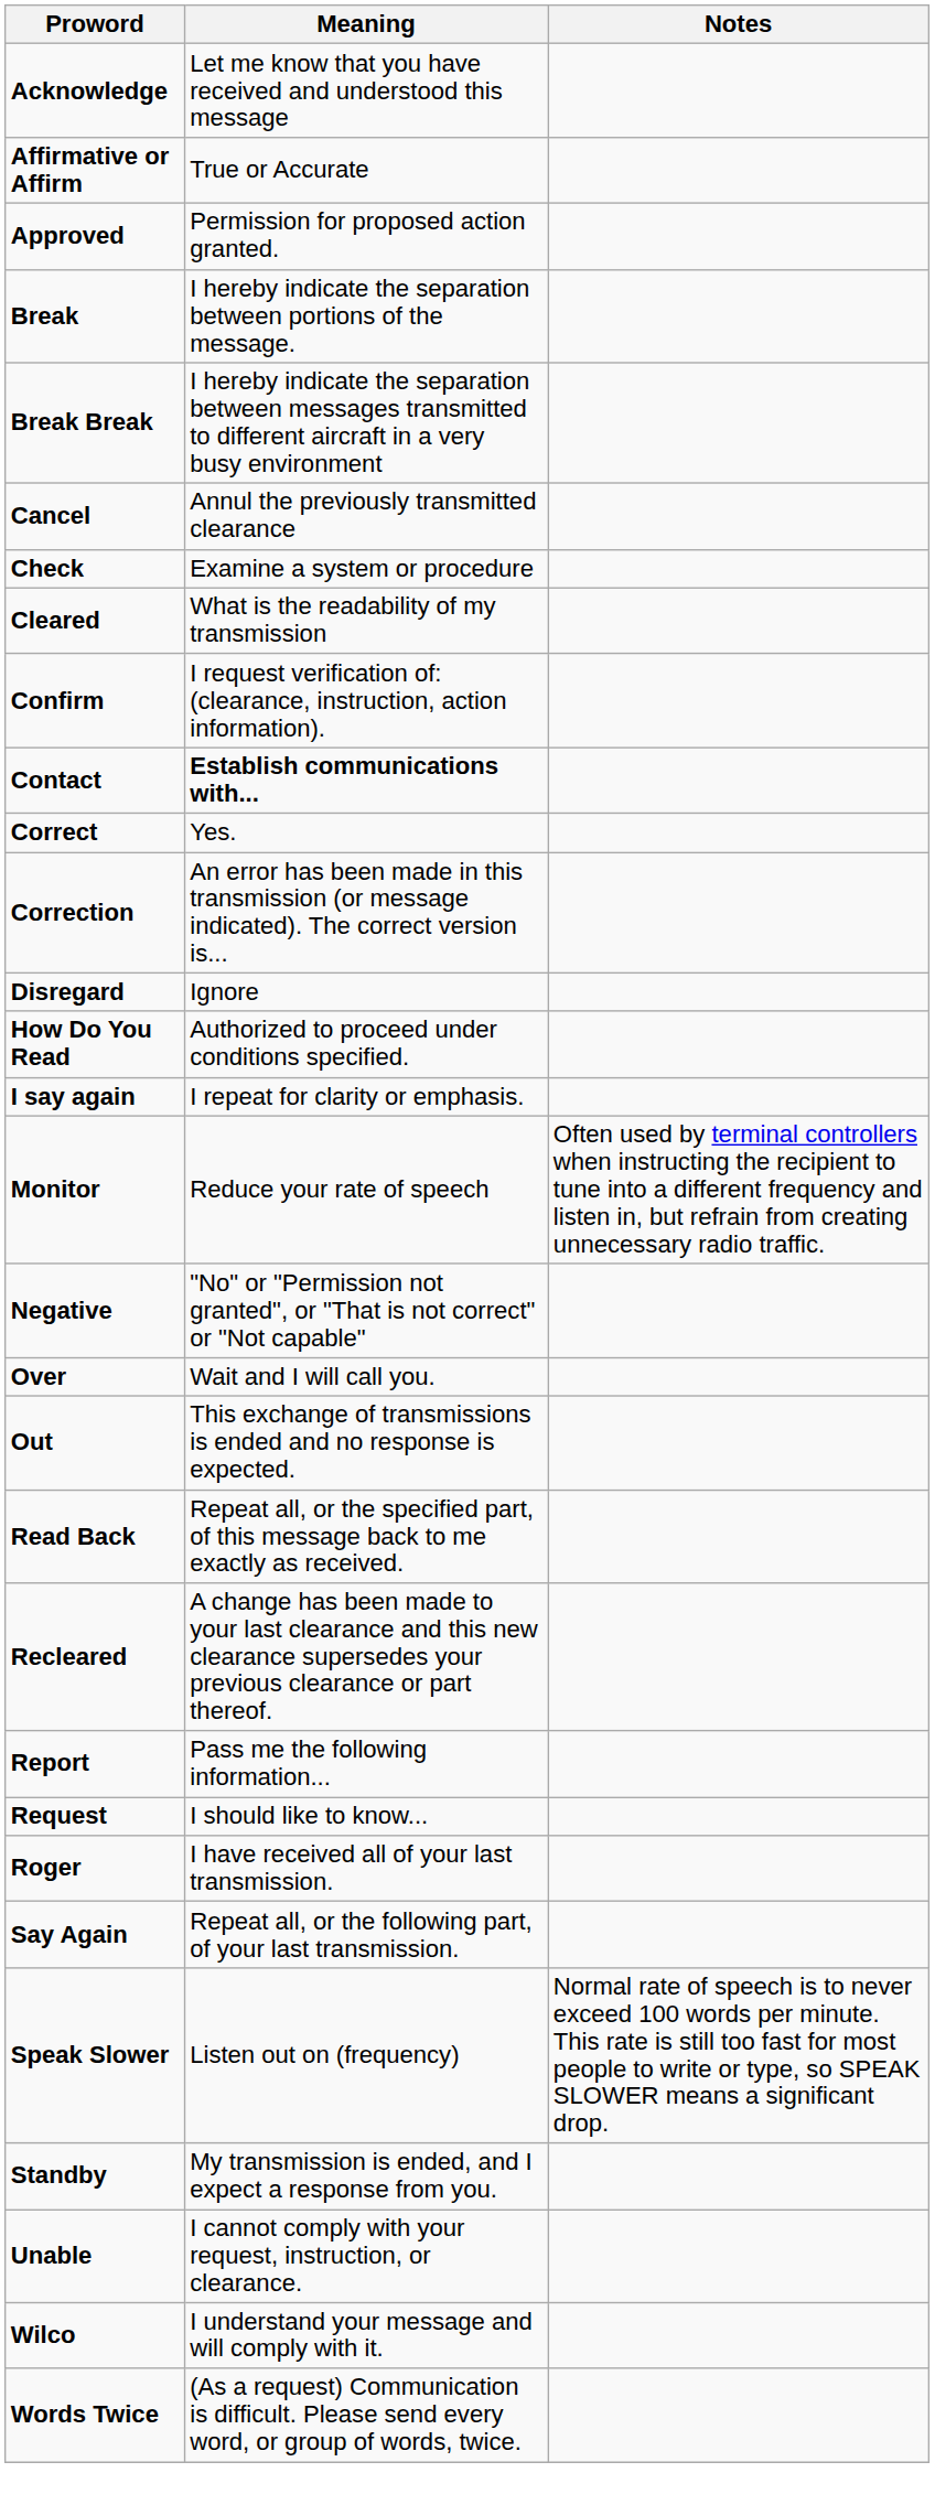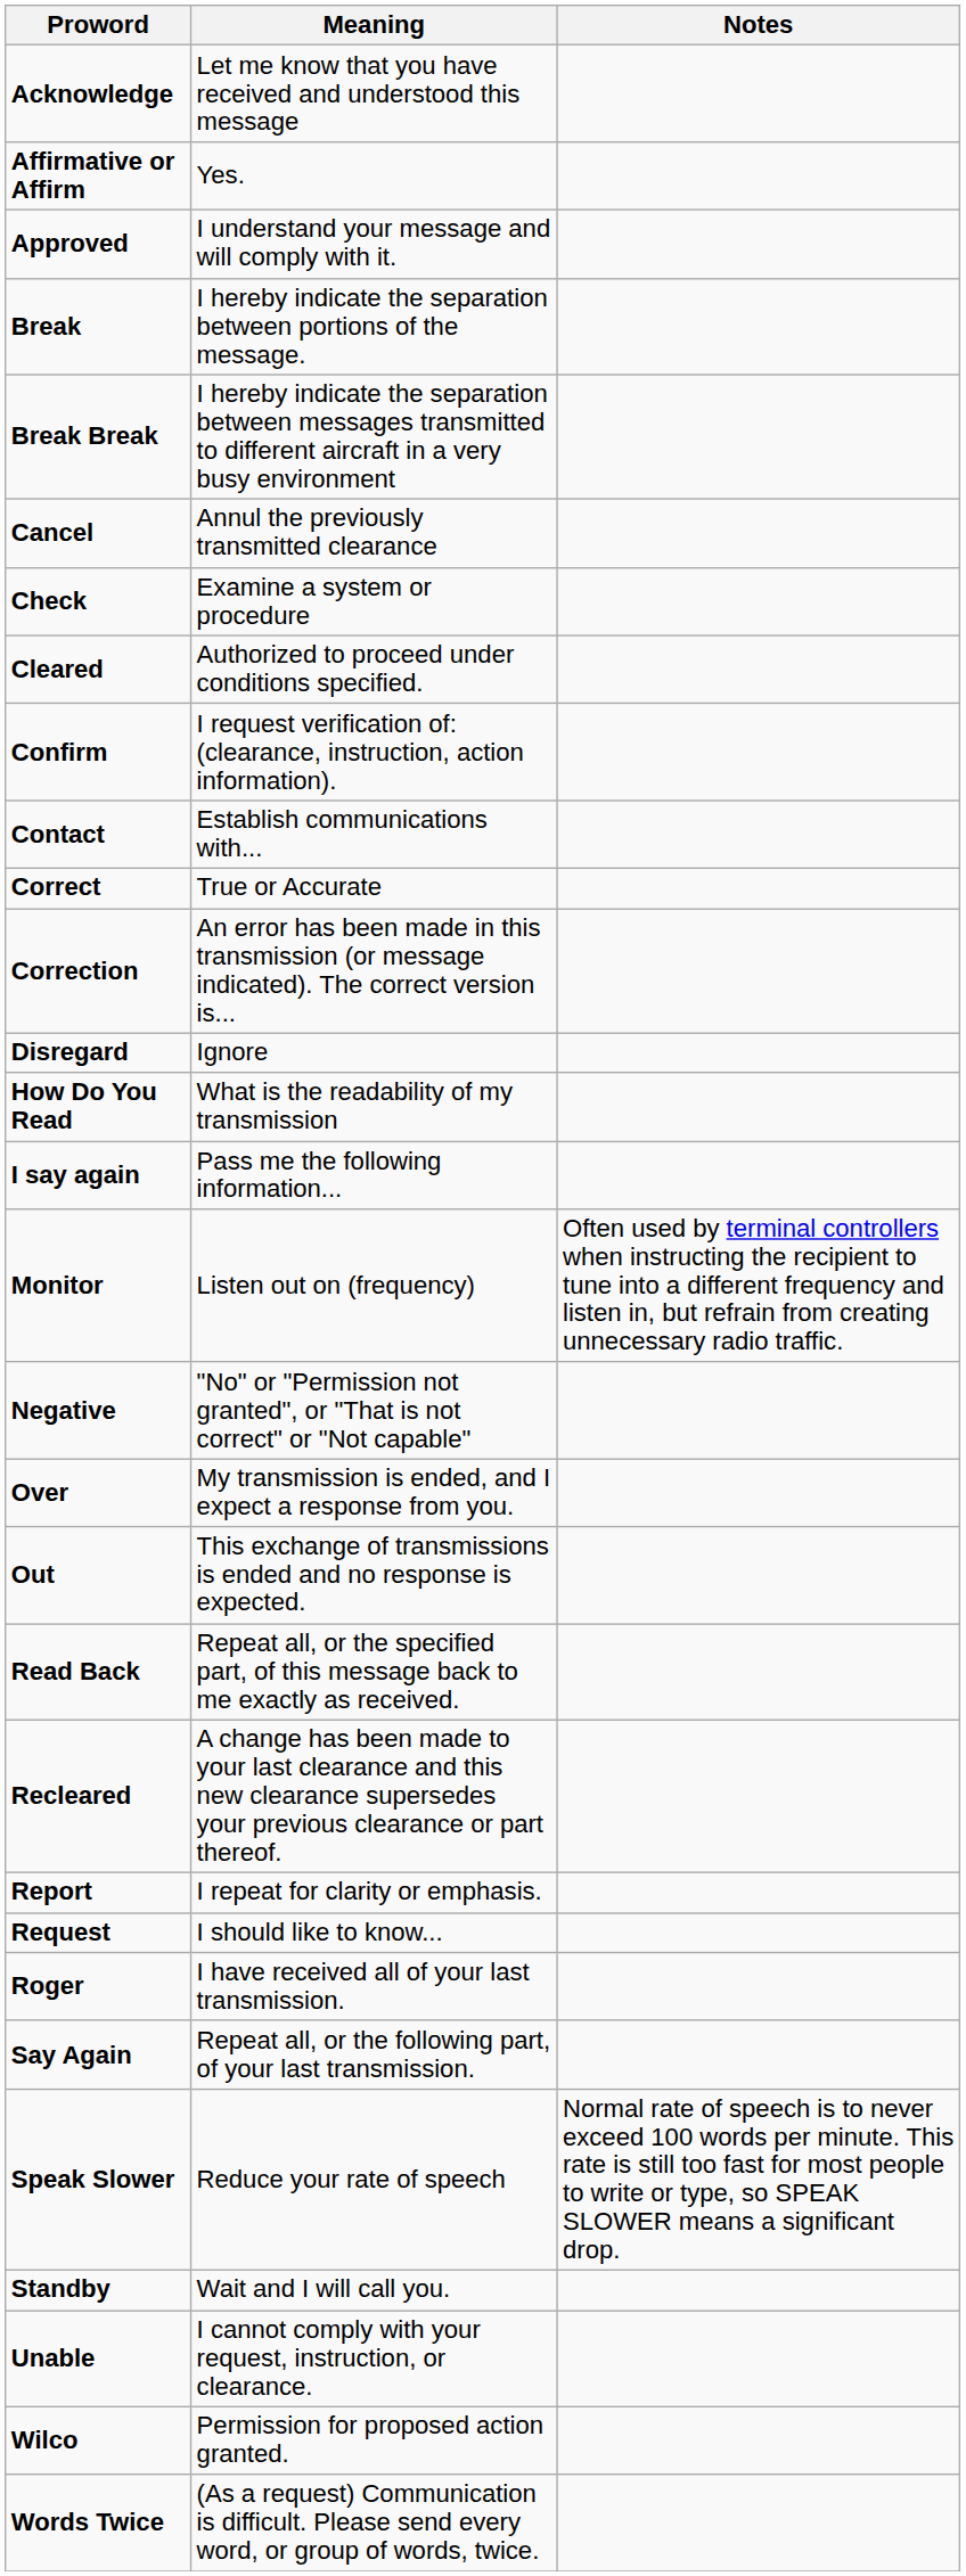 <table class="wikitable">
 <tr>
 <th>Proword</th>
 <th>Meaning</th>
 <th>Notes</th>
 </tr>
 <tr>
 <td><strong>Acknowledge</strong></td>
 <td>Let me know that you have received and understood this message</td>
 <td></td>
 </tr>
 <tr>
 <td><strong>Affirmative or Affirm</strong></td>
-<td>True or Accurate</td>
+<td>Yes.</td>
 <td></td>
 </tr>
 <tr>
 <td><strong>Approved</strong></td>
-<td>Permission for proposed action granted.</td>
+<td>I understand your message and will comply with it.</td>
 <td></td>
 </tr>
 <tr>
 <td><strong>Break</strong></td>
 <td>I hereby indicate the separation between portions of the message.</td>
 <td></td>
 </tr>
 <tr>
 <td><strong>Break Break</strong></td>
 <td>I hereby indicate the separation between messages transmitted to different aircraft in a very busy environment</td>
 <td></td>
 </tr>
 <tr>
 <td><strong>Cancel</strong></td>
 <td>Annul the previously transmitted clearance</td>
 <td></td>
 </tr>
 <tr>
 <td><strong>Check</strong></td>
 <td>Examine a system or procedure</td>
 <td></td>
 </tr>
 <tr>
 <td><strong>Cleared</strong></td>
-<td>What is the readability of my transmission</td>
+<td>Authorized to proceed under conditions specified.</td>
 <td></td>
 </tr>
 <tr>
 <td><strong>Confirm</strong></td>
 <td>I request verification of: (clearance, instruction, action information).</td>
 <td></td>
 </tr>
 <tr>
 <td><strong>Contact</strong></td>
-<td><strong>Establish communications with...</strong></td>
+<td>Establish communications with...</td>
 <td></td>
 </tr>
 <tr>
 <td><strong>Correct</strong></td>
-<td>Yes.</td>
+<td>True or Accurate</td>
 <td></td>
 </tr>
 <tr>
 <td><strong>Correction</strong></td>
 <td>An error has been made in this transmission (or message indicated). The correct version is...</td>
 <td></td>
 </tr>
 <tr>
 <td><strong>Disregard</strong></td>
 <td>Ignore</td>
 <td></td>
 </tr>
 <tr>
 <td><strong>How Do You Read</strong></td>
-<td>Authorized to proceed under conditions specified.</td>
+<td>What is the readability of my transmission</td>
 <td></td>
 </tr>
 <tr>
 <td><strong>I say again</strong></td>
-<td>I repeat for clarity or emphasis.</td>
+<td>Pass me the following information...</td>
 <td></td>
 </tr>
 <tr>
 <td><strong>Monitor</strong></td>
-<td>Reduce your rate of speech</td>
+<td>Listen out on (frequency)</td>
 <td>Often used by <a href='#'>terminal controllers</a> when instructing the recipient to tune into a different frequency and listen in, but refrain from creating unnecessary radio traffic.</td>
 </tr>
 <tr>
 <td><strong>Negative</strong></td>
 <td>"No" or "Permission not granted", or "That is not correct" or "Not capable"</td>
 <td></td>
 </tr>
 <tr>
 <td><strong>Over</strong></td>
-<td>Wait and I will call you.</td>
+<td>My transmission is ended, and I expect a response from you.</td>
 <td></td>
 </tr>
 <tr>
 <td><strong>Out</strong></td>
 <td>This exchange of transmissions is ended and no response is expected.</td>
 <td></td>
 </tr>
 <tr>
 <td><strong>Read Back</strong></td>
 <td>Repeat all, or the specified part, of this message back to me exactly as received.</td>
 <td></td>
 </tr>
 <tr>
 <td><strong>Recleared</strong></td>
 <td>A change has been made to your last clearance and this new clearance supersedes your previous clearance or part thereof.</td>
 <td></td>
 </tr>
 <tr>
 <td><strong>Report</strong></td>
-<td>Pass me the following information...</td>
+<td>I repeat for clarity or emphasis.</td>
 <td></td>
 </tr>
 <tr>
 <td><strong>Request</strong></td>
 <td>I should like to know...</td>
 <td></td>
 </tr>
 <tr>
 <td><strong>Roger</strong></td>
 <td>I have received all of your last transmission.</td>
 </tr>
 <tr>
 <td><strong>Say Again</strong></td>
 <td>Repeat all, or the following part, of your last transmission.</td>
 <td></td>
 </tr>
 <tr>
 <td><strong>Speak Slower</strong></td>
-<td>Listen out on (frequency)</td>
+<td>Reduce your rate of speech</td>
 <td>Normal rate of speech is to never exceed 100 words per minute. This rate is still too fast for most people to write or type, so SPEAK SLOWER means a significant drop.</td>
 </tr>
 <tr>
 <td><strong>Standby</strong></td>
-<td>My transmission is ended, and I expect a response from you.</td>
+<td>Wait and I will call you.</td>
 <td></td>
 </tr>
 <tr>
 <td><strong>Unable</strong></td>
 <td>I cannot comply with your request, instruction, or clearance.</td>
 <td></td>
 </tr>
 <tr>
 <td><strong>Wilco</strong></td>
-<td>I understand your message and will comply with it.</td>
+<td>Permission for proposed action granted.</td>
 <td></td>
 </tr>
 <tr>
 <td><strong>Words Twice</strong></td>
 <td>(As a request) Communication is difficult. Please send every word, or group of words, twice.</td>
 <td></td>
 </tr>
 <tr>
 </tr>
 </table>
